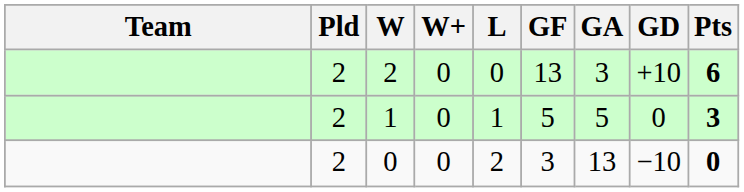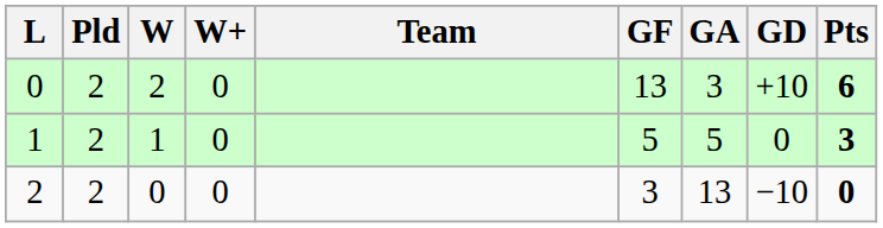 <table class="wikitable" style="text-align:center">
 <tr>
-<th width=165>Team</th>
+<th width=20>L</th>
 <th width=20>Pld</th>
 <th width=20>W</th>
 <th width=20>W+</th>
-<th width=20>L</th>
+<th width=165>Team</th>
 <th width=20>GF</th>
 <th width=20>GA</th>
 <th width=20>GD</th>
 <th width=20>Pts</th>
 </tr>
 <tr style="background:#ccffcc">
-<td style="text-align:left"></td>
+<td>0</td>
 <td>2</td>
 <td>2</td>
 <td>0</td>
-<td>0</td>
+<td style="text-align:left"></td>
 <td>13</td>
 <td>3</td>
 <td>+10</td>
 <td><strong>6</strong></td>
 </tr>
 <tr style="background:#ccffcc">
-<td style="text-align:left"></td>
+<td>1</td>
 <td>2</td>
 <td>1</td>
 <td>0</td>
-<td>1</td>
+<td style="text-align:left"></td>
 <td>5</td>
 <td>5</td>
 <td>0</td>
 <td><strong>3</strong></td>
 </tr>
 <tr>
-<td style="text-align:left"></td>
+<td>2</td>
 <td>2</td>
 <td>0</td>
 <td>0</td>
-<td>2</td>
+<td style="text-align:left"></td>
 <td>3</td>
 <td>13</td>
 <td>−10</td>
 <td><strong>0</strong></td>
 </tr>
 </table>
